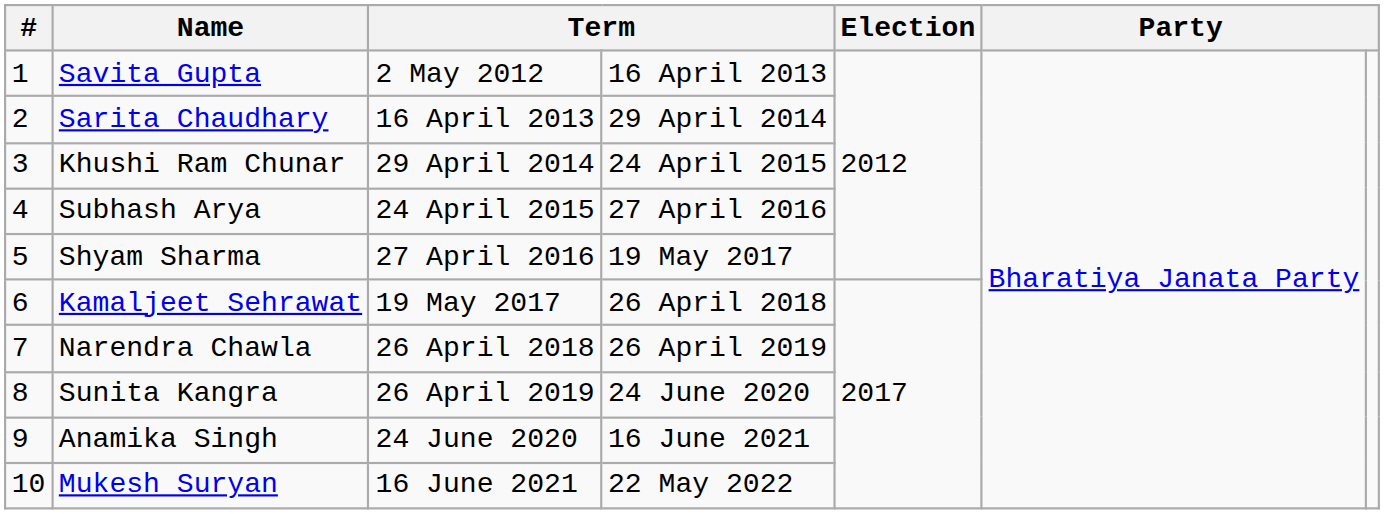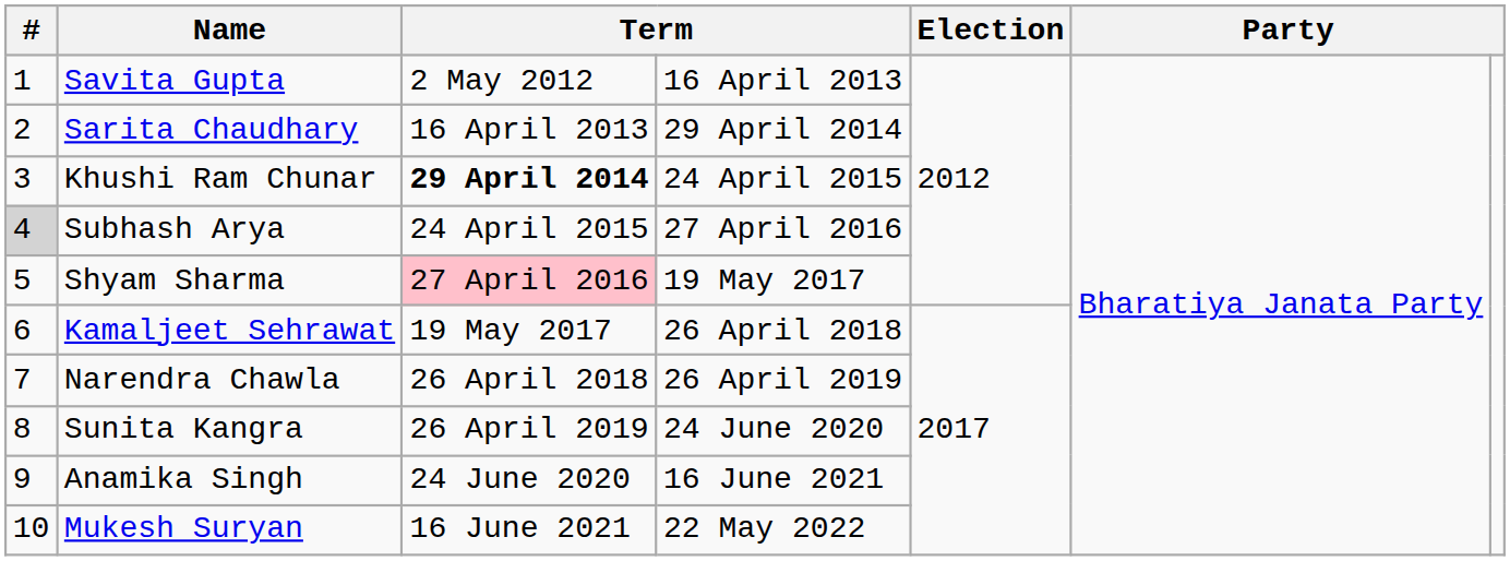 <table class="wikitable">
 <tr>
 <th>#</th>
 <th>Name</th>
 <th colspan="2">Term</th>
 <th>Election</th>
 <th colspan="2">Party</th>
 </tr>
 <tr>
 <td>1</td>
 <td><a href='#'>Savita Gupta</a></td>
 <td>2 May 2012</td>
 <td>16 April 2013</td>
 <td rowspan="5">2012</td>
 <td rowspan="10"><a href='#'>Bharatiya Janata Party</a></td>
 <td rowspan="10"></td>
 </tr>
 <tr>
 <td>2</td>
 <td><a href='#'>Sarita Chaudhary</a></td>
 <td>16 April 2013</td>
 <td>29 April 2014</td>
 </tr>
 <tr>
 <td>3</td>
 <td>Khushi Ram Chunar</td>
-<td>29 April 2014</td>
+<td><strong>29 April 2014</strong></td>
 <td>24 April 2015</td>
 </tr>
 <tr>
-<td>4</td>
+<td style="background: lightgrey;">4</td>
 <td>Subhash Arya</td>
 <td>24 April 2015</td>
 <td>27 April 2016</td>
 </tr>
 <tr>
 <td>5</td>
 <td>Shyam Sharma</td>
-<td>27 April 2016</td>
+<td style="background: pink;">27 April 2016</td>
 <td>19 May 2017</td>
 </tr>
 <tr>
 <td>6</td>
 <td><a href='#'>Kamaljeet Sehrawat</a></td>
 <td>19 May 2017</td>
 <td>26 April 2018</td>
 <td rowspan="5">2017</td>
 </tr>
 <tr>
 <td>7</td>
 <td>Narendra Chawla</td>
 <td>26 April 2018</td>
 <td>26 April 2019</td>
 </tr>
 <tr>
 <td>8</td>
 <td>Sunita Kangra</td>
 <td>26 April 2019</td>
 <td>24 June 2020</td>
 </tr>
 <tr>
 <td>9</td>
 <td>Anamika Singh</td>
 <td>24 June 2020</td>
 <td>16 June 2021</td>
 </tr>
 <tr>
 <td>10</td>
 <td><a href='#'>Mukesh Suryan</a></td>
 <td>16 June 2021</td>
 <td>22 May 2022</td>
 </tr>
 </table>
